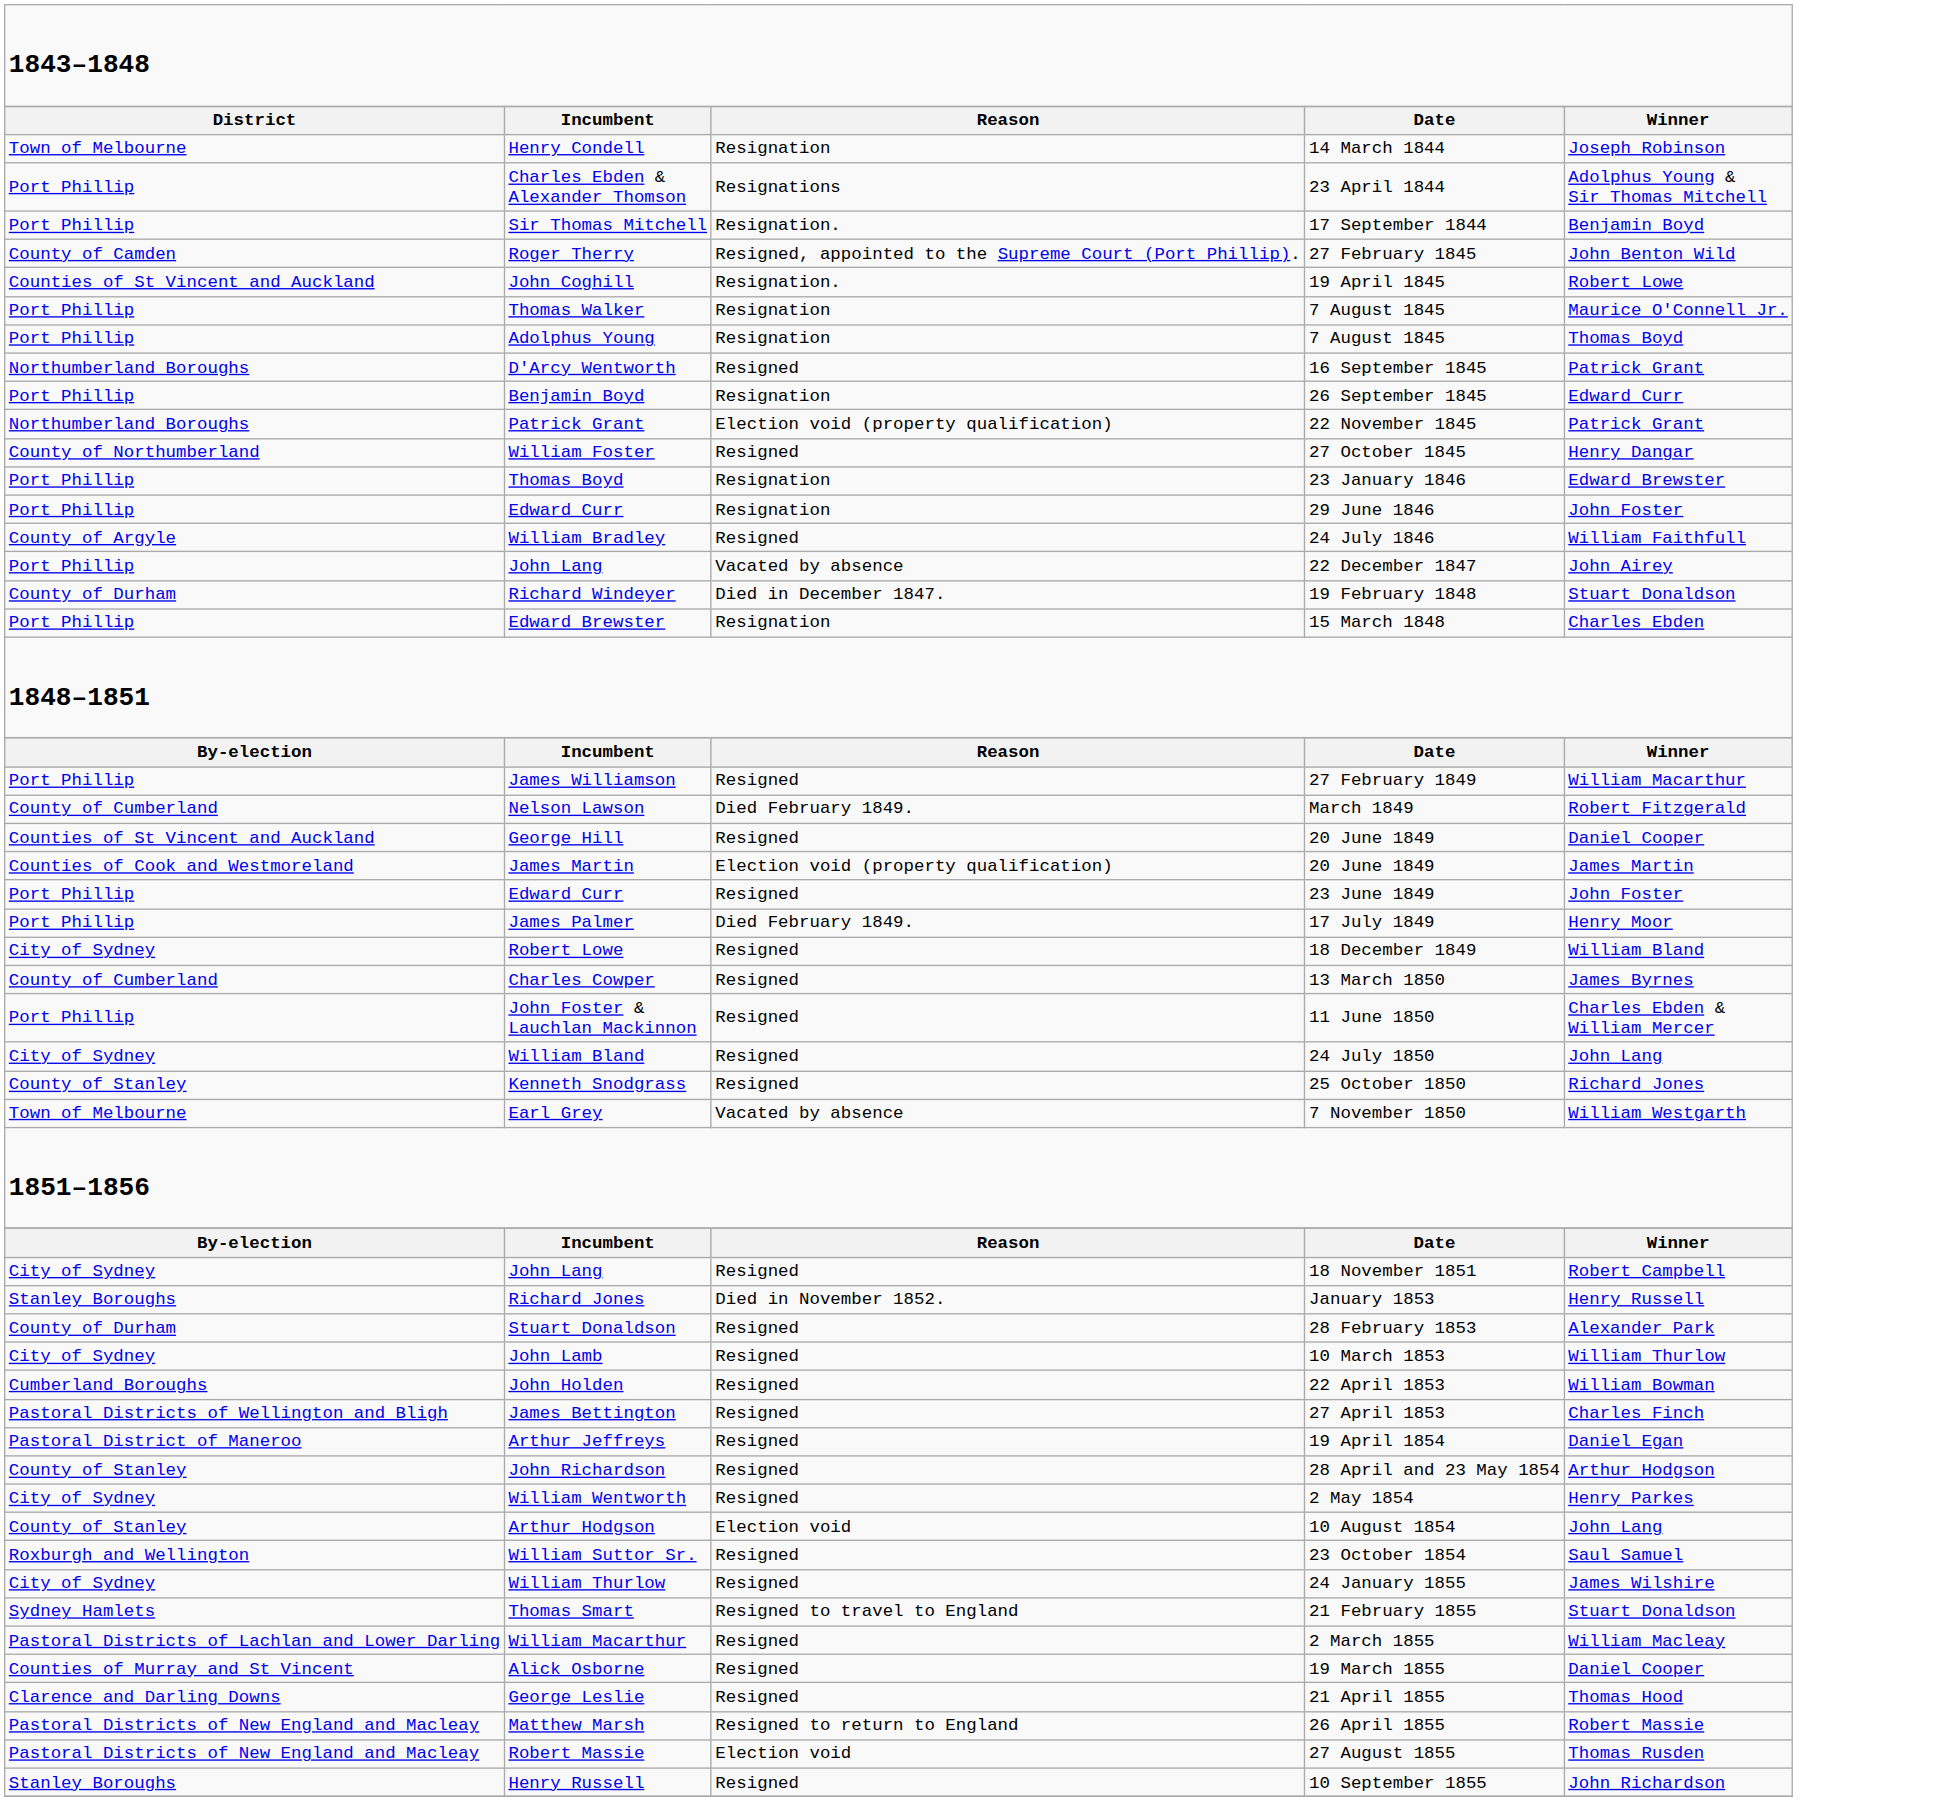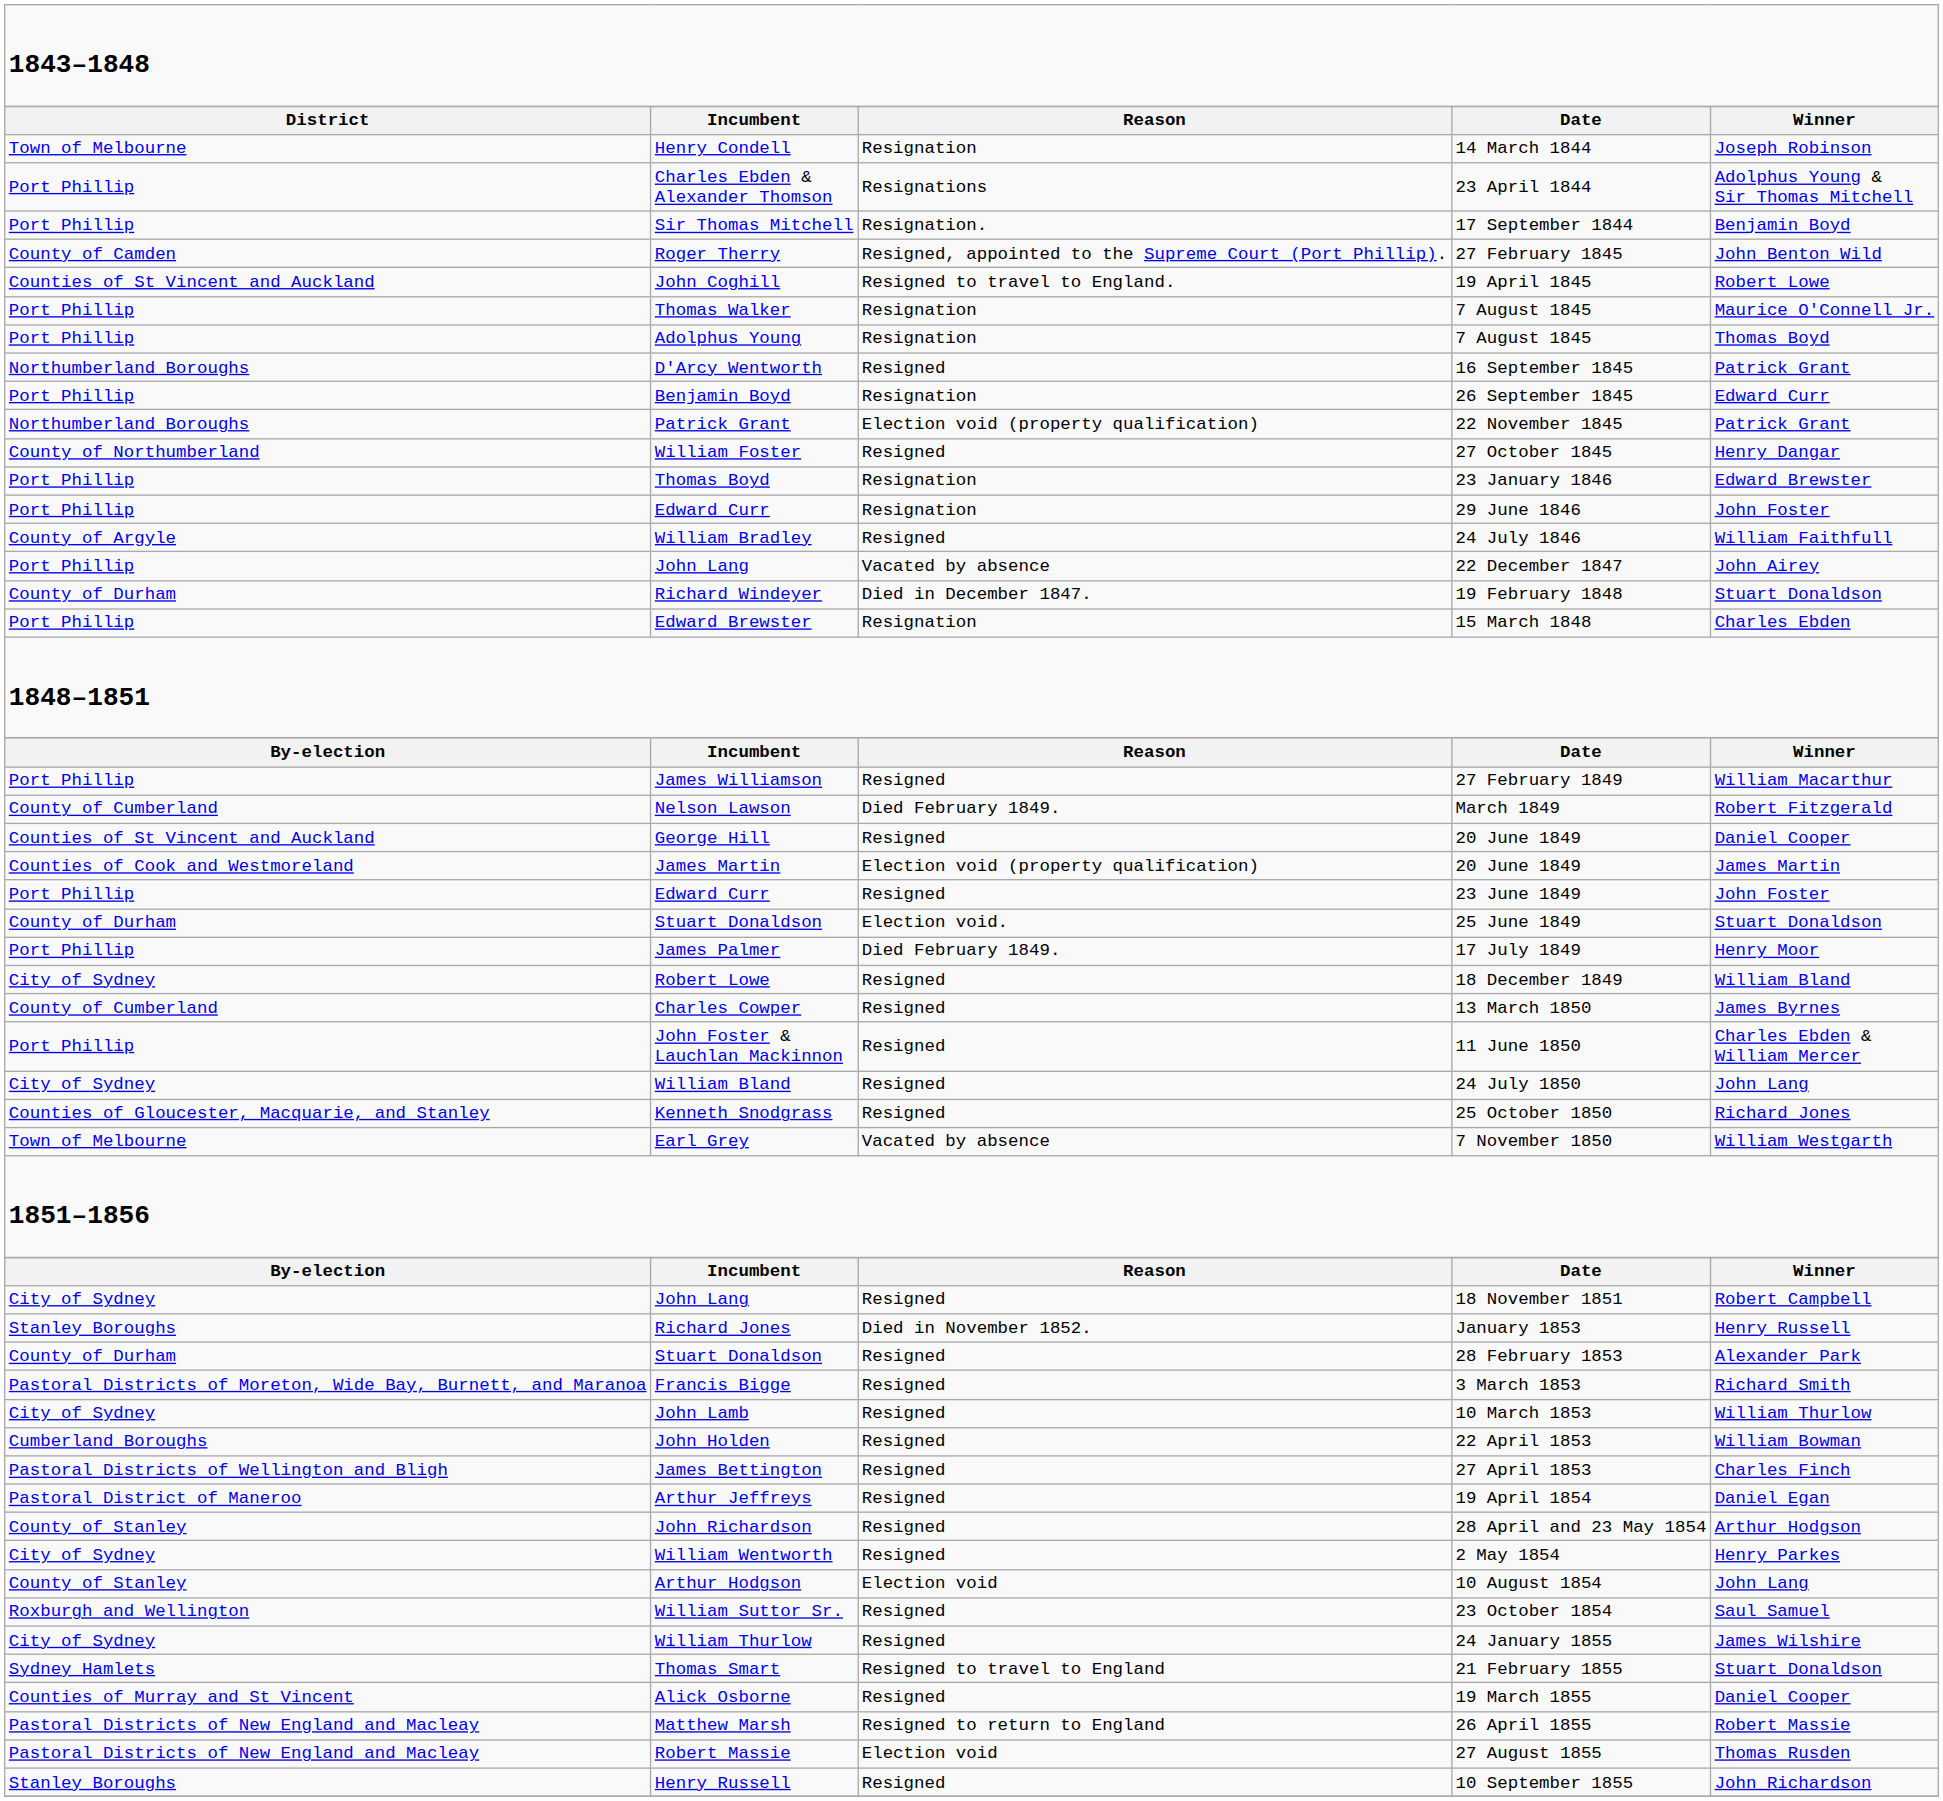 <table class="wikitable">
 <tr>
 <td colspan="5"><br><h2>1843–1848</h2></td>
 </tr>
 <tr>
 </tr>
 <tr bgcolor="#cccccc">
 <th><strong>District</strong></th>
 <th><strong>Incumbent</strong></th>
 <th><strong>Reason</strong></th>
 <th><strong>Date</strong></th>
 <th><strong>Winner</strong></th>
 </tr>
 <tr>
 <td><a href='#'>Town of Melbourne</a></td>
 <td><a href='#'>Henry Condell</a></td>
 <td>Resignation</td>
 <td>14 March 1844 </td>
 <td><a href='#'>Joseph Robinson</a></td>
 </tr>
 <tr>
 <td><a href='#'>Port Phillip</a></td>
 <td><a href='#'>Charles Ebden</a> &<br><a href='#'>Alexander Thomson</a></td>
 <td>Resignations</td>
 <td>23 April 1844</td>
 <td><a href='#'>Adolphus Young</a> &<br><a href='#'>Sir Thomas Mitchell</a></td>
 </tr>
 <tr>
 <td><a href='#'>Port Phillip</a></td>
 <td><a href='#'>Sir Thomas Mitchell</a></td>
 <td>Resignation.</td>
 <td>17 September 1844</td>
 <td><a href='#'>Benjamin Boyd</a></td>
 </tr>
 <tr>
 <td><a href='#'>County of Camden</a></td>
 <td><a href='#'>Roger Therry</a></td>
 <td>Resigned, appointed to the <a href='#'>Supreme Court (Port Phillip)</a>.</td>
 <td>27 February 1845</td>
 <td><a href='#'>John Benton Wild</a></td>
 </tr>
 <tr>
 <td><a href='#'>Counties of St Vincent and Auckland</a></td>
 <td><a href='#'>John Coghill</a></td>
-<td>Resignation.</td>
+<td>Resigned to travel to England.</td>
 <td>19 April 1845</td>
 <td><a href='#'>Robert Lowe</a></td>
 </tr>
 <tr>
 <td><a href='#'>Port Phillip</a></td>
 <td><a href='#'>Thomas Walker</a></td>
 <td>Resignation</td>
 <td>7 August 1845</td>
 <td><a href='#'>Maurice O'Connell Jr.</a></td>
 </tr>
 <tr>
 <td><a href='#'>Port Phillip</a></td>
 <td><a href='#'>Adolphus Young</a></td>
 <td>Resignation</td>
 <td>7 August 1845</td>
 <td><a href='#'>Thomas Boyd</a></td>
 </tr>
 <tr>
 <td><a href='#'>Northumberland Boroughs</a></td>
 <td><a href='#'>D'Arcy Wentworth</a></td>
 <td>Resigned</td>
 <td>16 September 1845</td>
 <td><a href='#'>Patrick Grant</a></td>
 </tr>
 <tr>
 <td><a href='#'>Port Phillip</a></td>
 <td><a href='#'>Benjamin Boyd</a></td>
 <td>Resignation</td>
 <td>26 September 1845</td>
 <td><a href='#'>Edward Curr</a></td>
 </tr>
 <tr>
 <td><a href='#'>Northumberland Boroughs</a></td>
 <td><a href='#'>Patrick Grant</a></td>
 <td>Election void  (property qualification)</td>
 <td>22 November 1845</td>
 <td><a href='#'>Patrick Grant</a></td>
 </tr>
 <tr>
 <td><a href='#'>County of Northumberland</a></td>
 <td><a href='#'>William Foster</a></td>
 <td>Resigned</td>
 <td>27 October 1845</td>
 <td><a href='#'>Henry Dangar</a></td>
 </tr>
 <tr>
 <td><a href='#'>Port Phillip</a></td>
 <td><a href='#'>Thomas Boyd</a></td>
 <td>Resignation</td>
 <td>23 January 1846</td>
 <td><a href='#'>Edward Brewster</a></td>
 </tr>
 <tr>
 <td><a href='#'>Port Phillip</a></td>
 <td><a href='#'>Edward Curr</a></td>
 <td>Resignation</td>
 <td>29 June 1846</td>
 <td><a href='#'>John Foster</a></td>
 </tr>
 <tr>
 <td><a href='#'>County of Argyle</a></td>
 <td><a href='#'>William Bradley</a></td>
 <td>Resigned</td>
 <td>24 July 1846</td>
 <td><a href='#'>William Faithfull</a></td>
 </tr>
 <tr>
 <td><a href='#'>Port Phillip</a></td>
 <td><a href='#'>John Lang</a></td>
 <td>Vacated by absence</td>
 <td>22 December 1847</td>
 <td><a href='#'>John Airey</a></td>
 </tr>
 <tr>
 <td><a href='#'>County of Durham</a></td>
 <td><a href='#'>Richard Windeyer</a></td>
 <td>Died in December 1847.</td>
 <td>19 February 1848</td>
 <td><a href='#'>Stuart Donaldson</a></td>
 </tr>
 <tr>
 <td><a href='#'>Port Phillip</a></td>
 <td><a href='#'>Edward Brewster</a></td>
 <td>Resignation</td>
 <td>15 March 1848</td>
 <td><a href='#'>Charles Ebden</a></td>
 </tr>
 <tr>
 <td colspan="5"><br><h2>1848–1851</h2></td>
 </tr>
 <tr>
 </tr>
 <tr bgcolor="#cccccc">
 <th><strong>By-election</strong></th>
 <th><strong>Incumbent</strong></th>
 <th><strong>Reason</strong></th>
 <th><strong>Date</strong></th>
 <th><strong>Winner</strong></th>
 </tr>
 <tr>
 <td><a href='#'>Port Phillip</a></td>
 <td><a href='#'>James Williamson</a></td>
 <td>Resigned</td>
 <td>27 February 1849</td>
 <td><a href='#'>William Macarthur</a></td>
 </tr>
 <tr>
 <td><a href='#'>County of Cumberland</a></td>
 <td><a href='#'>Nelson Lawson</a></td>
 <td>Died February 1849.</td>
 <td>March 1849</td>
 <td><a href='#'>Robert Fitzgerald</a></td>
 </tr>
 <tr>
 <td><a href='#'>Counties of St Vincent and Auckland</a></td>
 <td><a href='#'>George Hill</a></td>
 <td>Resigned</td>
 <td>20 June 1849</td>
 <td><a href='#'>Daniel Cooper</a></td>
 </tr>
 <tr>
 <td><a href='#'>Counties of Cook and Westmoreland</a></td>
 <td><a href='#'>James Martin</a></td>
 <td>Election void (property qualification)</td>
 <td>20 June 1849</td>
 <td><a href='#'>James Martin</a></td>
 </tr>
 <tr>
 <td><a href='#'>Port Phillip</a></td>
 <td><a href='#'>Edward Curr</a></td>
 <td>Resigned</td>
 <td>23 June 1849</td>
 <td><a href='#'>John Foster</a></td>
 </tr>
 <tr>
+<td><a href='#'>County of Durham</a></td>
+<td><a href='#'>Stuart Donaldson</a></td>
+<td>Election void.</td>
+<td>25 June 1849</td>
+<td><a href='#'>Stuart Donaldson</a></td>
+</tr>
+<tr>
 <td><a href='#'>Port Phillip</a></td>
 <td><a href='#'>James Palmer</a></td>
 <td>Died February 1849.</td>
 <td>17 July 1849</td>
 <td><a href='#'>Henry Moor</a></td>
 </tr>
 <tr>
 <td><a href='#'>City of Sydney</a></td>
 <td><a href='#'>Robert Lowe</a></td>
 <td>Resigned</td>
 <td>18 December 1849</td>
 <td><a href='#'>William Bland</a></td>
 </tr>
 <tr>
 <td><a href='#'>County of Cumberland</a></td>
 <td><a href='#'>Charles Cowper</a></td>
 <td>Resigned</td>
 <td>13 March 1850</td>
 <td><a href='#'>James Byrnes</a></td>
 </tr>
 <tr>
 <td><a href='#'>Port Phillip</a></td>
 <td><a href='#'>John Foster</a> &<br><a href='#'>Lauchlan Mackinnon</a></td>
 <td>Resigned</td>
 <td>11 June 1850</td>
 <td><a href='#'>Charles Ebden</a> &<br><a href='#'>William Mercer</a></td>
 </tr>
 <tr>
 <td><a href='#'>City of Sydney</a></td>
 <td><a href='#'>William Bland</a></td>
 <td>Resigned</td>
 <td>24 July 1850</td>
 <td><a href='#'>John Lang</a></td>
 </tr>
 <tr>
-<td><a href='#'>County of Stanley</a></td>
+<td><a href='#'>Counties of Gloucester, Macquarie, and Stanley</a></td>
 <td><a href='#'>Kenneth Snodgrass</a></td>
 <td>Resigned</td>
 <td>25 October 1850</td>
 <td><a href='#'>Richard Jones</a></td>
 </tr>
 <tr>
 <td><a href='#'>Town of Melbourne</a></td>
 <td><a href='#'>Earl Grey</a></td>
 <td>Vacated by absence</td>
 <td>7 November 1850</td>
 <td><a href='#'>William Westgarth</a></td>
 </tr>
 <tr>
 <td colspan="5"><br><h2>1851–1856</h2></td>
 </tr>
 <tr>
 </tr>
 <tr bgcolor="#cccccc">
 <th><strong>By-election</strong></th>
 <th><strong>Incumbent</strong></th>
 <th><strong>Reason</strong></th>
 <th><strong>Date</strong></th>
 <th><strong>Winner</strong></th>
 </tr>
 <tr>
 <td><a href='#'>City of Sydney</a></td>
 <td><a href='#'>John Lang</a></td>
 <td>Resigned</td>
 <td>18 November 1851</td>
 <td><a href='#'>Robert Campbell</a></td>
 </tr>
 <tr>
 <td><a href='#'>Stanley Boroughs</a></td>
 <td><a href='#'>Richard Jones</a></td>
 <td>Died in November 1852.</td>
 <td>January 1853</td>
 <td><a href='#'>Henry Russell</a></td>
 </tr>
 <tr>
 <td><a href='#'>County of Durham</a></td>
 <td><a href='#'>Stuart Donaldson</a></td>
 <td>Resigned</td>
 <td>28 February 1853</td>
 <td><a href='#'>Alexander Park</a></td>
+</tr>
+<tr>
+<td><a href='#'>Pastoral Districts of Moreton, Wide Bay, Burnett, and Maranoa</a></td>
+<td><a href='#'>Francis Bigge</a></td>
+<td>Resigned</td>
+<td>3 March 1853</td>
+<td><a href='#'>Richard Smith</a></td>
 </tr>
 <tr>
 <td><a href='#'>City of Sydney</a></td>
 <td><a href='#'>John Lamb</a></td>
 <td>Resigned</td>
 <td>10 March 1853</td>
 <td><a href='#'>William Thurlow</a></td>
 </tr>
 <tr>
 <td><a href='#'>Cumberland Boroughs</a></td>
 <td><a href='#'>John Holden</a></td>
 <td>Resigned</td>
 <td>22 April 1853</td>
 <td><a href='#'>William Bowman</a></td>
 </tr>
 <tr>
 <td><a href='#'>Pastoral Districts of Wellington and Bligh</a></td>
 <td><a href='#'>James Bettington</a></td>
 <td>Resigned</td>
 <td>27 April 1853</td>
 <td><a href='#'>Charles Finch</a></td>
 </tr>
 <tr>
 <td><a href='#'>Pastoral District of Maneroo</a></td>
 <td><a href='#'>Arthur Jeffreys</a></td>
 <td>Resigned</td>
 <td>19 April 1854</td>
 <td><a href='#'>Daniel Egan</a></td>
 </tr>
 <tr>
 <td><a href='#'>County of Stanley</a></td>
 <td><a href='#'>John Richardson</a></td>
 <td>Resigned</td>
 <td>28 April and 23 May 1854</td>
 <td><a href='#'>Arthur Hodgson</a></td>
 </tr>
 <tr>
 <td><a href='#'>City of Sydney</a></td>
 <td><a href='#'>William Wentworth</a></td>
 <td>Resigned</td>
 <td>2 May 1854</td>
 <td><a href='#'>Henry Parkes</a></td>
 </tr>
 <tr>
 <td><a href='#'>County of Stanley</a></td>
 <td><a href='#'>Arthur Hodgson</a></td>
 <td>Election void</td>
 <td>10 August 1854</td>
 <td><a href='#'>John Lang</a></td>
 </tr>
 <tr>
 <td><a href='#'>Roxburgh and Wellington</a></td>
 <td><a href='#'>William Suttor Sr.</a></td>
 <td>Resigned</td>
 <td>23 October 1854</td>
 <td><a href='#'>Saul Samuel</a></td>
 </tr>
 <tr>
 <td><a href='#'>City of Sydney</a></td>
 <td><a href='#'>William Thurlow</a></td>
 <td>Resigned</td>
 <td>24 January 1855</td>
 <td><a href='#'>James Wilshire</a></td>
 </tr>
 <tr>
 <td><a href='#'>Sydney Hamlets</a></td>
 <td><a href='#'>Thomas Smart</a></td>
 <td>Resigned to travel to England</td>
 <td>21 February 1855</td>
 <td><a href='#'>Stuart Donaldson</a></td>
 </tr>
 <tr>
-<td><a href='#'>Pastoral Districts of Lachlan and Lower Darling</a></td>
-<td><a href='#'>William Macarthur</a></td>
-<td>Resigned</td>
-<td>2 March 1855</td>
-<td><a href='#'>William Macleay</a></td>
-</tr>
-<tr>
 <td><a href='#'>Counties of Murray and St Vincent</a></td>
 <td><a href='#'>Alick Osborne</a></td>
 <td>Resigned</td>
 <td>19 March 1855</td>
 <td><a href='#'>Daniel Cooper</a></td>
-</tr>
-<tr>
-<td><a href='#'>Clarence and Darling Downs</a></td>
-<td><a href='#'>George Leslie</a></td>
-<td>Resigned</td>
-<td>21 April 1855</td>
-<td><a href='#'>Thomas Hood</a></td>
 </tr>
 <tr>
 <td><a href='#'>Pastoral Districts of New England and Macleay</a></td>
 <td><a href='#'>Matthew Marsh</a></td>
 <td>Resigned to return to England</td>
 <td>26 April 1855</td>
 <td><a href='#'>Robert Massie</a></td>
 </tr>
 <tr>
 <td><a href='#'>Pastoral Districts of New England and Macleay</a></td>
 <td><a href='#'>Robert Massie</a></td>
 <td>Election void</td>
 <td>27 August 1855</td>
 <td><a href='#'>Thomas Rusden</a></td>
 </tr>
 <tr>
 <td><a href='#'>Stanley Boroughs</a></td>
 <td><a href='#'>Henry Russell</a></td>
 <td>Resigned</td>
 <td>10 September 1855</td>
 <td><a href='#'>John Richardson</a></td>
 </tr>
 <tr>
 </tr>
 </table>
